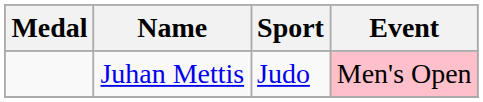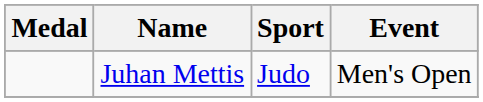 <table class="wikitable sortable"  style="font-size:95%">
 <tr>
 <th>Medal</th>
 <th>Name</th>
 <th>Sport</th>
 <th>Event</th>
 </tr>
 <tr>
 <td></td>
 <td><a href='#'>Juhan Mettis</a></td>
 <td><a href='#'>Judo</a></td>
-<td style="background: pink;">Men's Open</td>
+<td>Men's Open</td>
 </tr>
 <tr>
 </tr>
 </table>
